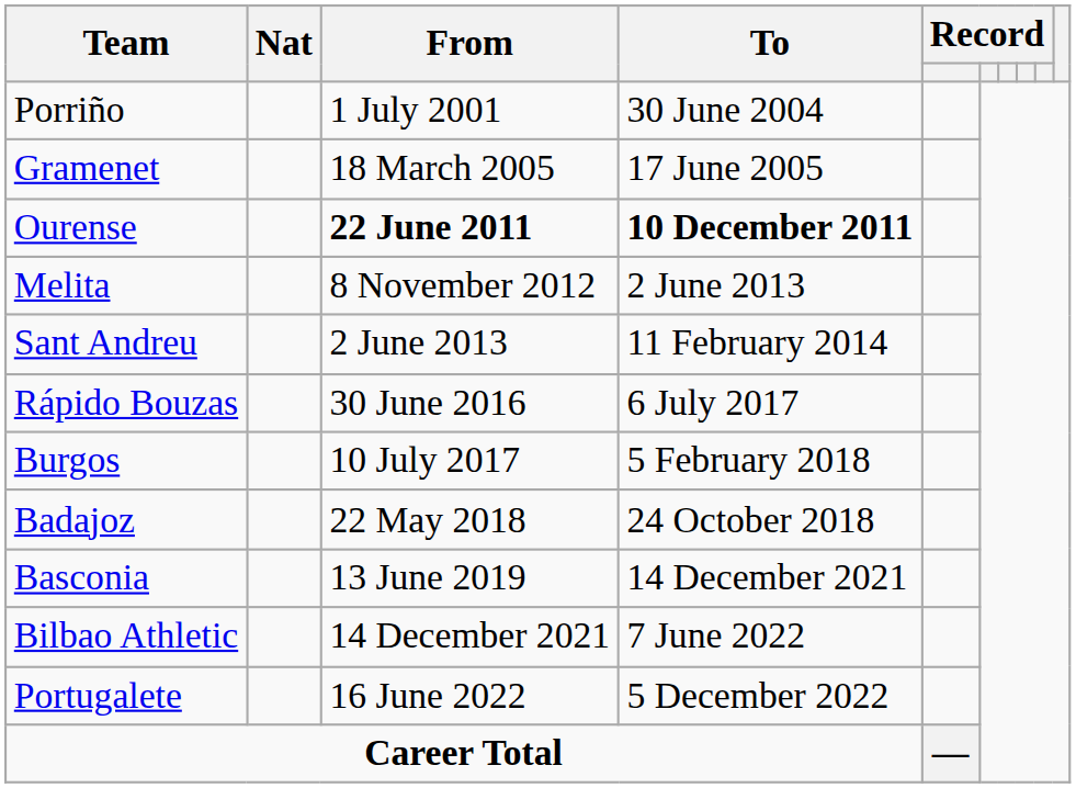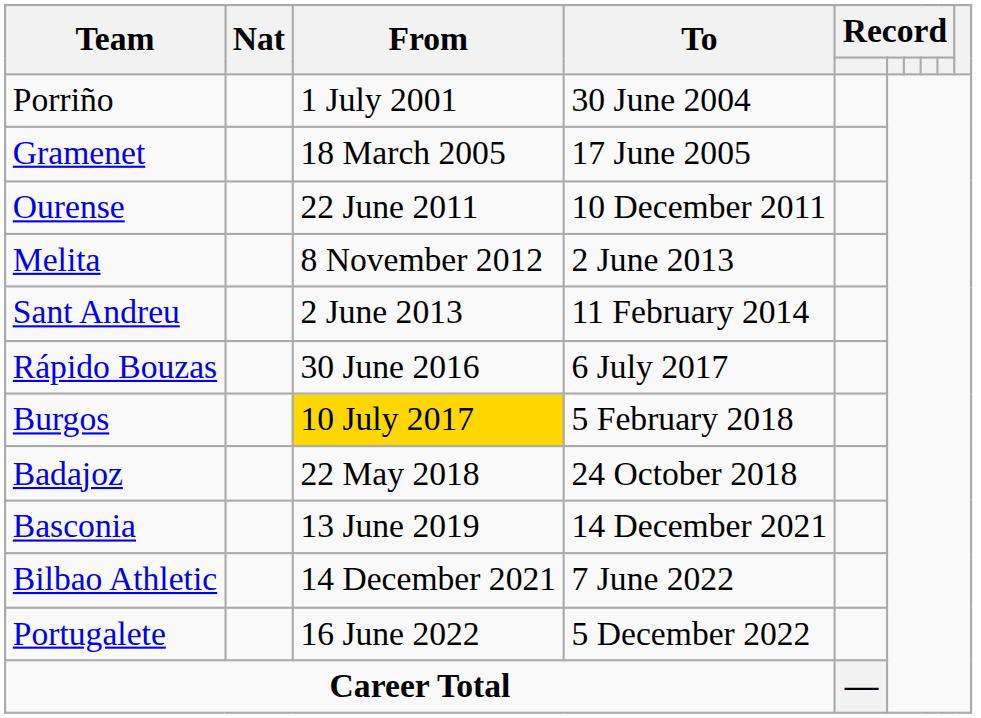 <table class="wikitable" style="text-align: center">
 <tr>
 <th rowspan="2">Team</th>
 <th rowspan="2">Nat</th>
 <th rowspan="2">From</th>
 <th rowspan="2">To</th>
 <th colspan="5">Record</th>
 <th rowspan=2></th>
 </tr>
 <tr>
 <th></th>
 <th></th>
 <th></th>
 <th></th>
 <th></th>
 </tr>
 <tr>
 <td align="left">Porriño</td>
 <td></td>
 <td align=left>1 July 2001</td>
 <td align=left>30 June 2004<br></td>
 <td></td>
 </tr>
 <tr>
 <td align="left"><a href='#'>Gramenet</a></td>
 <td></td>
 <td align=left>18 March 2005</td>
 <td align=left>17 June 2005<br></td>
 <td></td>
 </tr>
 <tr>
 <td align="left"><a href='#'>Ourense</a></td>
 <td></td>
-<td align=left><strong>22 June 2011</strong></td>
-<td align=left><strong>10 December 2011<br></strong></td>
+<td align=left>22 June 2011</td>
+<td align=left>10 December 2011<br></td>
 <td></td>
 </tr>
 <tr>
 <td align="left"><a href='#'>Melita</a></td>
 <td></td>
 <td align=left>8 November 2012</td>
 <td align=left>2 June 2013<br></td>
 <td></td>
 </tr>
 <tr>
 <td align="left"><a href='#'>Sant Andreu</a></td>
 <td></td>
 <td align=left>2 June 2013</td>
 <td align=left>11 February 2014<br></td>
 <td></td>
 </tr>
 <tr>
 <td align="left"><a href='#'>Rápido Bouzas</a></td>
 <td></td>
 <td align=left>30 June 2016</td>
 <td align=left>6 July 2017<br></td>
 <td></td>
 </tr>
 <tr>
 <td align="left"><a href='#'>Burgos</a></td>
 <td></td>
-<td align=left>10 July 2017</td>
+<td align=left style="background: gold;">10 July 2017</td>
 <td align=left>5 February 2018<br></td>
 <td></td>
 </tr>
 <tr>
 <td align="left"><a href='#'>Badajoz</a></td>
 <td></td>
 <td align=left>22 May 2018</td>
 <td align=left>24 October 2018<br></td>
 <td></td>
 </tr>
 <tr>
 <td align="left"><a href='#'>Basconia</a></td>
 <td></td>
 <td align=left>13 June 2019</td>
 <td align=left>14 December 2021<br></td>
 <td></td>
 </tr>
 <tr>
 <td align="left"><a href='#'>Bilbao Athletic</a></td>
 <td></td>
 <td align=left>14 December 2021</td>
 <td align=left>7 June 2022<br></td>
 <td></td>
 </tr>
 <tr>
 <td align="left"><a href='#'>Portugalete</a></td>
 <td></td>
 <td align=left>16 June 2022</td>
 <td align=left>5 December 2022<br></td>
 <td></td>
 </tr>
 <tr>
 <td colspan=4><strong>Career Total</strong><br></td>
 <th>—</th>
 </tr>
 </table>
